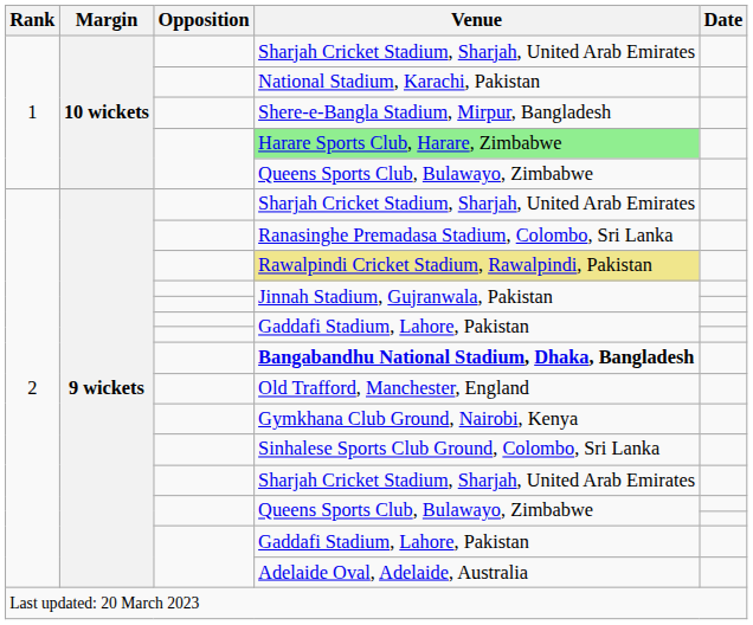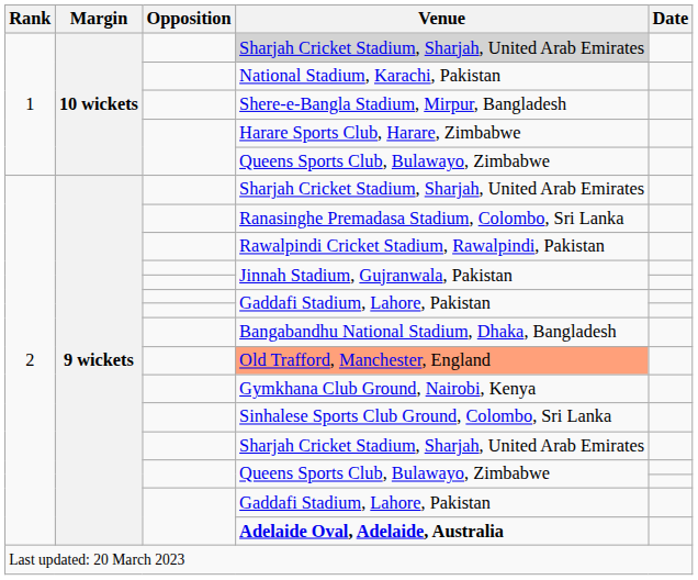 <table class="wikitable plainrowheaders sortable">
 <tr>
 <th scope=col>Rank</th>
 <th scope=col>Margin</th>
 <th scope=col>Opposition</th>
 <th scope=col>Venue</th>
 <th scope=col>Date</th>
 </tr>
 <tr>
 <td align=center rowspan=5>1</td>
 <th scope=row style=text-align:center rowspan=5>10 wickets</th>
 <td></td>
-<td><a href='#'>Sharjah Cricket Stadium</a>, <a href='#'>Sharjah</a>, United Arab Emirates</td>
+<td style="background: lightgrey;"><a href='#'>Sharjah Cricket Stadium</a>, <a href='#'>Sharjah</a>, United Arab Emirates</td>
 <td></td>
 </tr>
 <tr>
 <td></td>
 <td><a href='#'>National Stadium</a>, <a href='#'>Karachi</a>, Pakistan</td>
 <td></td>
 </tr>
 <tr>
 <td></td>
 <td><a href='#'>Shere-e-Bangla Stadium</a>, <a href='#'>Mirpur</a>, Bangladesh</td>
 <td> </td>
 </tr>
 <tr>
 <td rowspan=2></td>
-<td style="background: lightgreen;"><a href='#'>Harare Sports Club</a>, <a href='#'>Harare</a>, Zimbabwe</td>
+<td><a href='#'>Harare Sports Club</a>, <a href='#'>Harare</a>, Zimbabwe</td>
 <td></td>
 </tr>
 <tr>
 <td><a href='#'>Queens Sports Club</a>, <a href='#'>Bulawayo</a>, Zimbabwe</td>
 <td></td>
 </tr>
 <tr>
 <td align=center rowspan=16>2</td>
 <th scope=row style=text-align:center rowspan=16>9 wickets</th>
 <td></td>
 <td><a href='#'>Sharjah Cricket Stadium</a>, <a href='#'>Sharjah</a>, United Arab Emirates</td>
 <td></td>
 </tr>
 <tr>
 <td></td>
 <td><a href='#'>Ranasinghe Premadasa Stadium</a>, <a href='#'>Colombo</a>, Sri Lanka</td>
 <td></td>
 </tr>
 <tr>
 <td></td>
-<td style="background: khaki;"><a href='#'>Rawalpindi Cricket Stadium</a>, <a href='#'>Rawalpindi</a>, Pakistan</td>
+<td><a href='#'>Rawalpindi Cricket Stadium</a>, <a href='#'>Rawalpindi</a>, Pakistan</td>
 <td></td>
 </tr>
 <tr>
 <td></td>
 <td rowspan=2><a href='#'>Jinnah Stadium</a>, <a href='#'>Gujranwala</a>, Pakistan</td>
 <td></td>
 </tr>
 <tr>
 <td></td>
 <td> </td>
 </tr>
 <tr>
 <td></td>
 <td rowspan=2><a href='#'>Gaddafi Stadium</a>, <a href='#'>Lahore</a>, Pakistan</td>
 <td></td>
 </tr>
 <tr>
 <td></td>
 <td></td>
 </tr>
 <tr>
 <td></td>
-<td><strong><a href='#'>Bangabandhu National Stadium</a>, <a href='#'>Dhaka</a>, Bangladesh</strong></td>
+<td><a href='#'>Bangabandhu National Stadium</a>, <a href='#'>Dhaka</a>, Bangladesh</td>
 <td></td>
 </tr>
 <tr>
 <td></td>
-<td><a href='#'>Old Trafford</a>, <a href='#'>Manchester</a>, England</td>
+<td style="background: lightsalmon;"><a href='#'>Old Trafford</a>, <a href='#'>Manchester</a>, England</td>
 <td> </td>
 </tr>
 <tr>
 <td></td>
 <td><a href='#'>Gymkhana Club Ground</a>, <a href='#'>Nairobi</a>, Kenya</td>
 <td></td>
 </tr>
 <tr>
 <td></td>
 <td><a href='#'>Sinhalese Sports Club Ground</a>, <a href='#'>Colombo</a>, Sri Lanka</td>
 <td></td>
 </tr>
 <tr>
 <td></td>
 <td><a href='#'>Sharjah Cricket Stadium</a>, <a href='#'>Sharjah</a>, United Arab Emirates</td>
 <td></td>
 </tr>
 <tr>
 <td rowspan=2></td>
 <td rowspan=2><a href='#'>Queens Sports Club</a>, <a href='#'>Bulawayo</a>, Zimbabwe</td>
 <td></td>
 </tr>
 <tr>
 <td></td>
 </tr>
 <tr>
 <td rowspan=2></td>
 <td><a href='#'>Gaddafi Stadium</a>, <a href='#'>Lahore</a>, Pakistan</td>
 <td></td>
 </tr>
 <tr>
-<td><a href='#'>Adelaide Oval</a>, <a href='#'>Adelaide</a>, Australia</td>
+<td><strong><a href='#'>Adelaide Oval</a>, <a href='#'>Adelaide</a>, Australia</strong></td>
 <td></td>
 </tr>
 <tr class=sortbottom>
 <td colspan=5><small>Last updated: 20 March 2023</small></td>
 </tr>
 </table>
